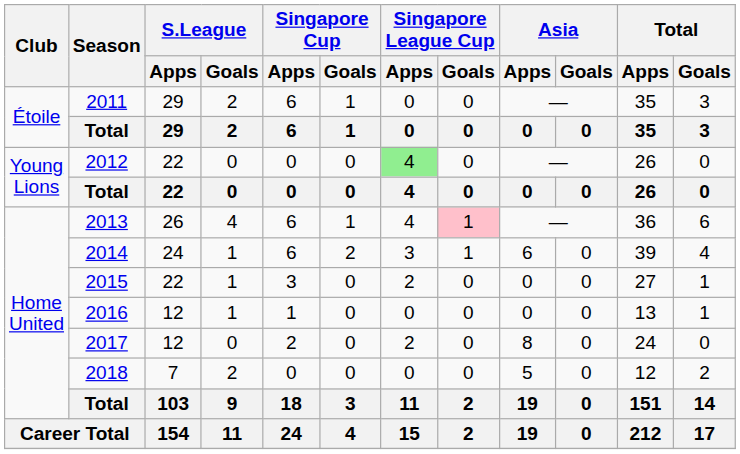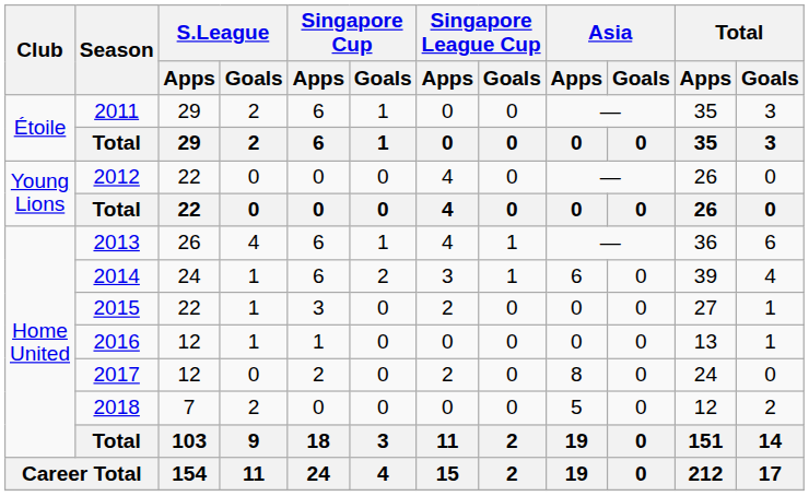 <table class="wikitable" style="text-align:center">
 <tr>
 <th rowspan="2">Club</th>
 <th rowspan="2">Season</th>
 <th colspan="2"><a href='#'>S.League</a></th>
 <th colspan="2"><a href='#'>Singapore Cup</a></th>
 <th colspan="2"><a href='#'>Singapore<br>League Cup</a></th>
 <th colspan="2"><a href='#'>Asia</a></th>
 <th colspan="2">Total</th>
 </tr>
 <tr>
 <th>Apps</th>
 <th>Goals</th>
 <th>Apps</th>
 <th>Goals</th>
 <th>Apps</th>
 <th>Goals</th>
 <th>Apps</th>
 <th>Goals</th>
 <th>Apps</th>
 <th>Goals</th>
 </tr>
 <tr>
 <td rowspan="2"><a href='#'>Étoile</a></td>
 <td><a href='#'>2011</a></td>
 <td>29</td>
 <td>2</td>
 <td>6</td>
 <td>1</td>
 <td>0</td>
 <td>0</td>
 <td colspan='2'>—</td>
 <td>35</td>
 <td>3</td>
 </tr>
 <tr>
 <th>Total</th>
 <th>29</th>
 <th>2</th>
 <th>6</th>
 <th>1</th>
 <th>0</th>
 <th>0</th>
 <th>0</th>
 <th>0</th>
 <th>35</th>
 <th>3</th>
 </tr>
 <tr>
 <td rowspan="2"><a href='#'>Young Lions</a></td>
 <td><a href='#'>2012</a></td>
 <td>22</td>
 <td>0</td>
 <td>0</td>
 <td>0</td>
-<td style="background: lightgreen;">4</td>
+<td>4</td>
 <td>0</td>
 <td colspan='2'>—</td>
 <td>26</td>
 <td>0</td>
 </tr>
 <tr>
 <th>Total</th>
 <th>22</th>
 <th>0</th>
 <th>0</th>
 <th>0</th>
 <th>4</th>
 <th>0</th>
 <th>0</th>
 <th>0</th>
 <th>26</th>
 <th>0</th>
 </tr>
 <tr>
 <td rowspan="7"><a href='#'>Home United</a></td>
 <td><a href='#'>2013</a></td>
 <td>26</td>
 <td>4</td>
 <td>6</td>
 <td>1</td>
 <td>4</td>
-<td style="background: pink;">1</td>
+<td>1</td>
 <td colspan='2'>—</td>
 <td>36</td>
 <td>6</td>
 </tr>
 <tr>
 <td><a href='#'>2014</a></td>
 <td>24</td>
 <td>1</td>
 <td>6</td>
 <td>2</td>
 <td>3</td>
 <td>1</td>
 <td>6</td>
 <td>0</td>
 <td>39</td>
 <td>4</td>
 </tr>
 <tr>
 <td><a href='#'>2015</a></td>
 <td>22</td>
 <td>1</td>
 <td>3</td>
 <td>0</td>
 <td>2</td>
 <td>0</td>
 <td>0</td>
 <td>0</td>
 <td>27</td>
 <td>1</td>
 </tr>
 <tr>
 <td><a href='#'>2016</a></td>
 <td>12</td>
 <td>1</td>
 <td>1</td>
 <td>0</td>
 <td>0</td>
 <td>0</td>
 <td>0</td>
 <td>0</td>
 <td>13</td>
 <td>1</td>
 </tr>
 <tr>
 <td><a href='#'>2017</a></td>
 <td>12</td>
 <td>0</td>
 <td>2</td>
 <td>0</td>
 <td>2</td>
 <td>0</td>
 <td>8</td>
 <td>0</td>
 <td>24</td>
 <td>0</td>
 </tr>
 <tr>
 <td><a href='#'>2018</a></td>
 <td>7</td>
 <td>2</td>
 <td>0</td>
 <td>0</td>
 <td>0</td>
 <td>0</td>
 <td>5</td>
 <td>0</td>
 <td>12</td>
 <td>2</td>
 </tr>
 <tr>
 <th>Total</th>
 <th>103</th>
 <th>9</th>
 <th>18</th>
 <th>3</th>
 <th>11</th>
 <th>2</th>
 <th>19</th>
 <th>0</th>
 <th>151</th>
 <th>14</th>
 </tr>
 <tr>
 <th colspan="2">Career Total</th>
 <th>154</th>
 <th>11</th>
 <th>24</th>
 <th>4</th>
 <th>15</th>
 <th>2</th>
 <th>19</th>
 <th>0</th>
 <th>212</th>
 <th>17</th>
 </tr>
 <tr>
 </tr>
 </table>
